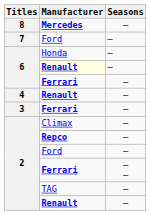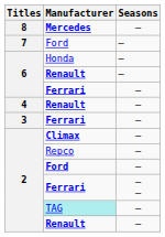 <table class="wikitable">
 <tr>
 <th scope="col">Titles</th>
 <th scope="col">Manufacturer</th>
 <th scope="col">Seasons</th>
 </tr>
 <tr style="text-align:center;">
 <th>8</th>
 <td align="left"><strong><a href='#'>Mercedes</a></strong></td>
 <td>–</td>
 </tr>
 <tr>
 <th>7</th>
 <td align="left"><a href='#'>Ford</a></td>
 <td>–</td>
 </tr>
 <tr>
 <th rowspan="3">6</th>
 <td align=left><a href='#'>Honda</a></td>
 <td>–</td>
 </tr>
 <tr>
-<td align=left style="background: lightyellow;"><strong><a href='#'>Renault</a></strong></td>
+<td align=left><strong><a href='#'>Renault</a></strong></td>
 <td>–</td>
 </tr>
 <tr style="text-align:center;">
 <td align=left><strong><a href='#'>Ferrari</a></strong></td>
 <td>–</td>
 </tr>
 <tr style="text-align:center;">
 <th>4</th>
 <td align="left"><strong><a href='#'>Renault</a></strong></td>
 <td>–</td>
 </tr>
 <tr style="text-align:center;">
 <th>3</th>
 <td align=left><strong><a href='#'>Ferrari</a></strong></td>
 <td>–</td>
 </tr>
 <tr style="text-align:center;">
 <th rowspan="6">2</th>
-<td align=left><a href='#'>Climax</a></td>
+<td align=left><strong><a href='#'>Climax</a></strong></td>
 <td>–</td>
 </tr>
 <tr style="text-align:center;">
-<td align=left><strong><a href='#'>Repco</a></strong></td>
+<td align=left><a href='#'>Repco</a></td>
 <td>–</td>
 </tr>
 <tr style="text-align:center;">
-<td align="left"><a href='#'>Ford</a></td>
+<td align="left"><strong><a href='#'>Ford</a></strong></td>
 <td>–</td>
 </tr>
 <tr style="text-align:center;">
 <td align=left><strong><a href='#'>Ferrari</a></strong></td>
 <td>–<br>–</td>
 </tr>
 <tr style="text-align:center;">
-<td align=left><a href='#'>TAG</a></td>
+<td align=left style="background: paleturquoise;"><a href='#'>TAG</a></td>
 <td>–</td>
 </tr>
 <tr style="text-align:center;">
 <td align=left><strong><a href='#'>Renault</a></strong></td>
 <td>–</td>
 </tr>
 </table>
